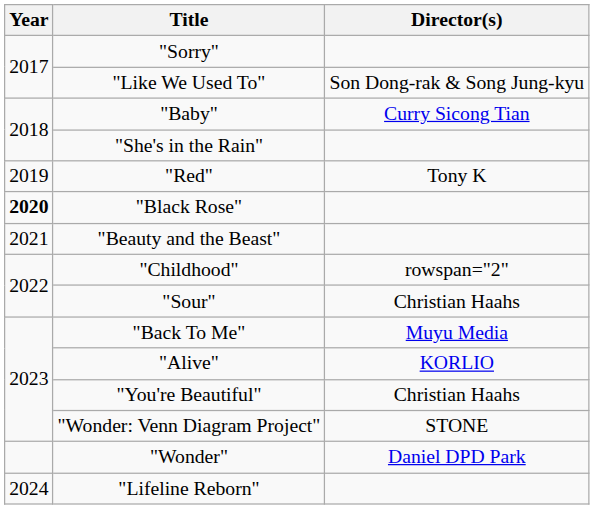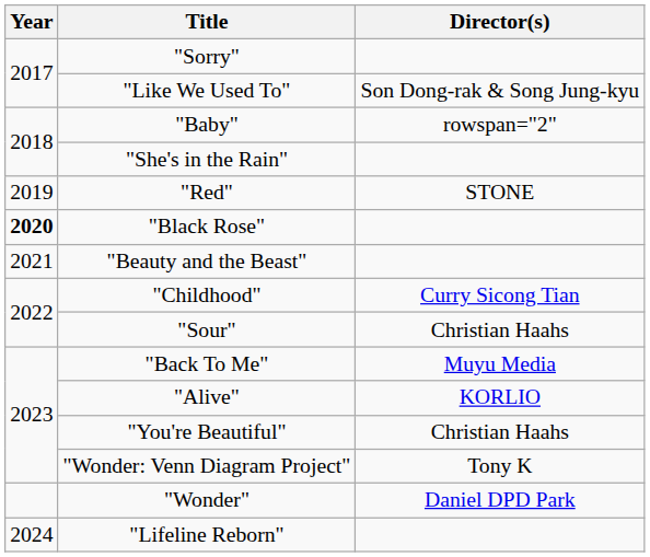 <table class="wikitable" style="text-align:center;">
 <tr>
 <th>Year</th>
 <th>Title</th>
 <th>Director(s)</th>
 </tr>
 <tr>
 <td rowspan="2">2017</td>
 <td>"Sorry"</td>
 <td></td>
 </tr>
 <tr>
 <td>"Like We Used To" </td>
 <td>Son Dong-rak & Song Jung-kyu</td>
 </tr>
 <tr>
 <td rowspan="2">2018</td>
 <td>"Baby"</td>
-<td><a href='#'>Curry Sicong Tian</a></td>
+<td>rowspan="2" </td>
 </tr>
 <tr>
 <td>"She's in the Rain"</td>
 </tr>
 <tr>
 <td>2019</td>
 <td>"Red"</td>
-<td>Tony K</td>
+<td>STONE</td>
 </tr>
 <tr>
 <td><strong>2020</strong></td>
 <td>"Black Rose"</td>
 <td></td>
 </tr>
 <tr>
 <td>2021</td>
 <td>"Beauty and the Beast"</td>
 <td></td>
 </tr>
 <tr>
 <td rowspan="2">2022</td>
 <td>"Childhood"</td>
-<td>rowspan="2" </td>
+<td><a href='#'>Curry Sicong Tian</a></td>
 </tr>
 <tr>
 <td>"Sour"</td>
 <td>Christian Haahs</td>
 </tr>
 <tr>
 <td rowspan="4">2023</td>
 <td>"Back To Me"</td>
 <td><a href='#'>Muyu Media</a></td>
 </tr>
 <tr>
 <td>"Alive"</td>
 <td><a href='#'>KORLIO</a></td>
 </tr>
 <tr>
 <td>"You're Beautiful"</td>
 <td>Christian Haahs</td>
 </tr>
 <tr>
 <td>"Wonder: Venn Diagram Project"</td>
-<td>STONE</td>
+<td>Tony K</td>
 </tr>
 <tr>
 <td></td>
 <td>"Wonder"</td>
 <td><a href='#'>Daniel DPD Park</a></td>
 </tr>
 <tr>
 <td>2024</td>
 <td>"Lifeline Reborn"</td>
 <td></td>
 </tr>
 </table>
